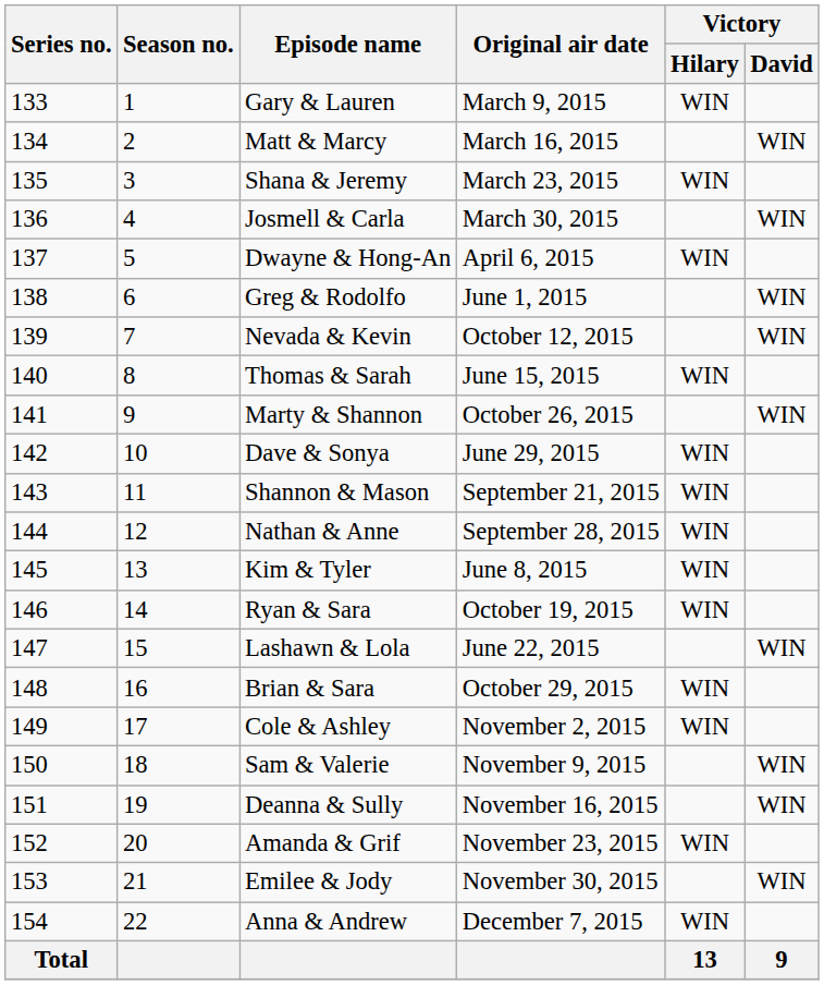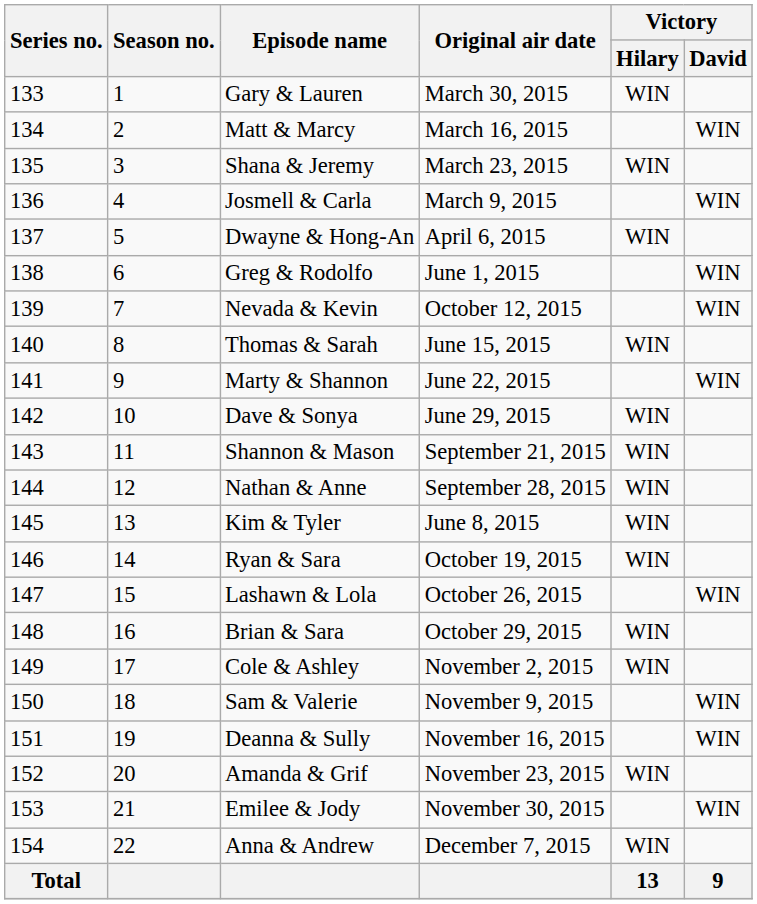 <table class="wikitable">
 <tr>
 <th rowspan=2>Series no.</th>
 <th rowspan=2>Season no.</th>
 <th rowspan=2>Episode name</th>
 <th rowspan=2>Original air date</th>
 <th colspan=2>Victory</th>
 </tr>
 <tr>
 <th>Hilary</th>
 <th>David</th>
 </tr>
 <tr>
 <td>133</td>
 <td>1</td>
 <td>Gary & Lauren</td>
-<td>March 9, 2015</td>
+<td>March 30, 2015</td>
 <td align=center>WIN</td>
 <td align=center></td>
 </tr>
 <tr>
 <td>134</td>
 <td>2</td>
 <td>Matt & Marcy</td>
 <td>March 16, 2015</td>
 <td align=center></td>
 <td align=center>WIN</td>
 </tr>
 <tr>
 <td>135</td>
 <td>3</td>
 <td>Shana & Jeremy</td>
 <td>March 23, 2015</td>
 <td align=center>WIN</td>
 <td align=center></td>
 </tr>
 <tr>
 <td>136</td>
 <td>4</td>
 <td>Josmell & Carla</td>
-<td>March 30, 2015</td>
+<td>March 9, 2015</td>
 <td align=center></td>
 <td align=center>WIN</td>
 </tr>
 <tr>
 <td>137</td>
 <td>5</td>
 <td>Dwayne & Hong-An</td>
 <td>April 6, 2015</td>
 <td align=center>WIN</td>
 <td align=center></td>
 </tr>
 <tr>
 <td>138</td>
 <td>6</td>
 <td>Greg & Rodolfo</td>
 <td>June 1, 2015</td>
 <td align=center></td>
 <td align=center>WIN</td>
 </tr>
 <tr>
 <td>139</td>
 <td>7</td>
 <td>Nevada & Kevin</td>
 <td>October 12, 2015</td>
 <td align=center></td>
 <td align=center>WIN</td>
 </tr>
 <tr>
 <td>140</td>
 <td>8</td>
 <td>Thomas & Sarah</td>
 <td>June 15, 2015</td>
 <td align=center>WIN</td>
 <td align=center></td>
 </tr>
 <tr>
 <td>141</td>
 <td>9</td>
 <td>Marty & Shannon</td>
-<td>October 26, 2015</td>
+<td>June 22, 2015</td>
 <td align=center></td>
 <td align=center>WIN</td>
 </tr>
 <tr>
 <td>142</td>
 <td>10</td>
 <td>Dave & Sonya</td>
 <td>June 29, 2015</td>
 <td align=center>WIN</td>
 <td align=center></td>
 </tr>
 <tr>
 <td>143</td>
 <td>11</td>
 <td>Shannon & Mason</td>
 <td>September 21, 2015</td>
 <td align=center>WIN</td>
 <td align=center></td>
 </tr>
 <tr>
 <td>144</td>
 <td>12</td>
 <td>Nathan & Anne</td>
 <td>September 28, 2015</td>
 <td align=center>WIN</td>
 <td align=center></td>
 </tr>
 <tr>
 <td>145</td>
 <td>13</td>
 <td>Kim & Tyler</td>
 <td>June 8, 2015</td>
 <td align=center>WIN</td>
 <td align=center></td>
 </tr>
 <tr>
 <td>146</td>
 <td>14</td>
 <td>Ryan & Sara</td>
 <td>October 19, 2015</td>
 <td align=center>WIN</td>
 <td align=center></td>
 </tr>
 <tr>
 <td>147</td>
 <td>15</td>
 <td>Lashawn & Lola</td>
-<td>June 22, 2015</td>
+<td>October 26, 2015</td>
 <td align=center></td>
 <td align=center>WIN</td>
 </tr>
 <tr>
 <td>148</td>
 <td>16</td>
 <td>Brian & Sara</td>
 <td>October 29, 2015</td>
 <td align=center>WIN</td>
 <td align=center></td>
 </tr>
 <tr>
 <td>149</td>
 <td>17</td>
 <td>Cole & Ashley</td>
 <td>November 2, 2015</td>
 <td align=center>WIN</td>
 <td align=center></td>
 </tr>
 <tr>
 <td>150</td>
 <td>18</td>
 <td>Sam & Valerie</td>
 <td>November 9, 2015</td>
 <td align=center></td>
 <td align=center>WIN</td>
 </tr>
 <tr>
 <td>151</td>
 <td>19</td>
 <td>Deanna & Sully</td>
 <td>November 16, 2015</td>
 <td align=center></td>
 <td align=center>WIN</td>
 </tr>
 <tr>
 <td>152</td>
 <td>20</td>
 <td>Amanda & Grif</td>
 <td>November 23, 2015</td>
 <td align=center>WIN</td>
 <td align=center></td>
 </tr>
 <tr>
 <td>153</td>
 <td>21</td>
 <td>Emilee & Jody</td>
 <td>November 30, 2015</td>
 <td align=center></td>
 <td align=center>WIN</td>
 </tr>
 <tr>
 <td>154</td>
 <td>22</td>
 <td>Anna & Andrew</td>
 <td>December 7, 2015</td>
 <td align=center>WIN</td>
 <td align=center></td>
 </tr>
 <tr>
 <th>Total</th>
 <th></th>
 <th></th>
 <th></th>
 <th>13</th>
 <th>9</th>
 </tr>
 <tr>
 </tr>
 </table>
